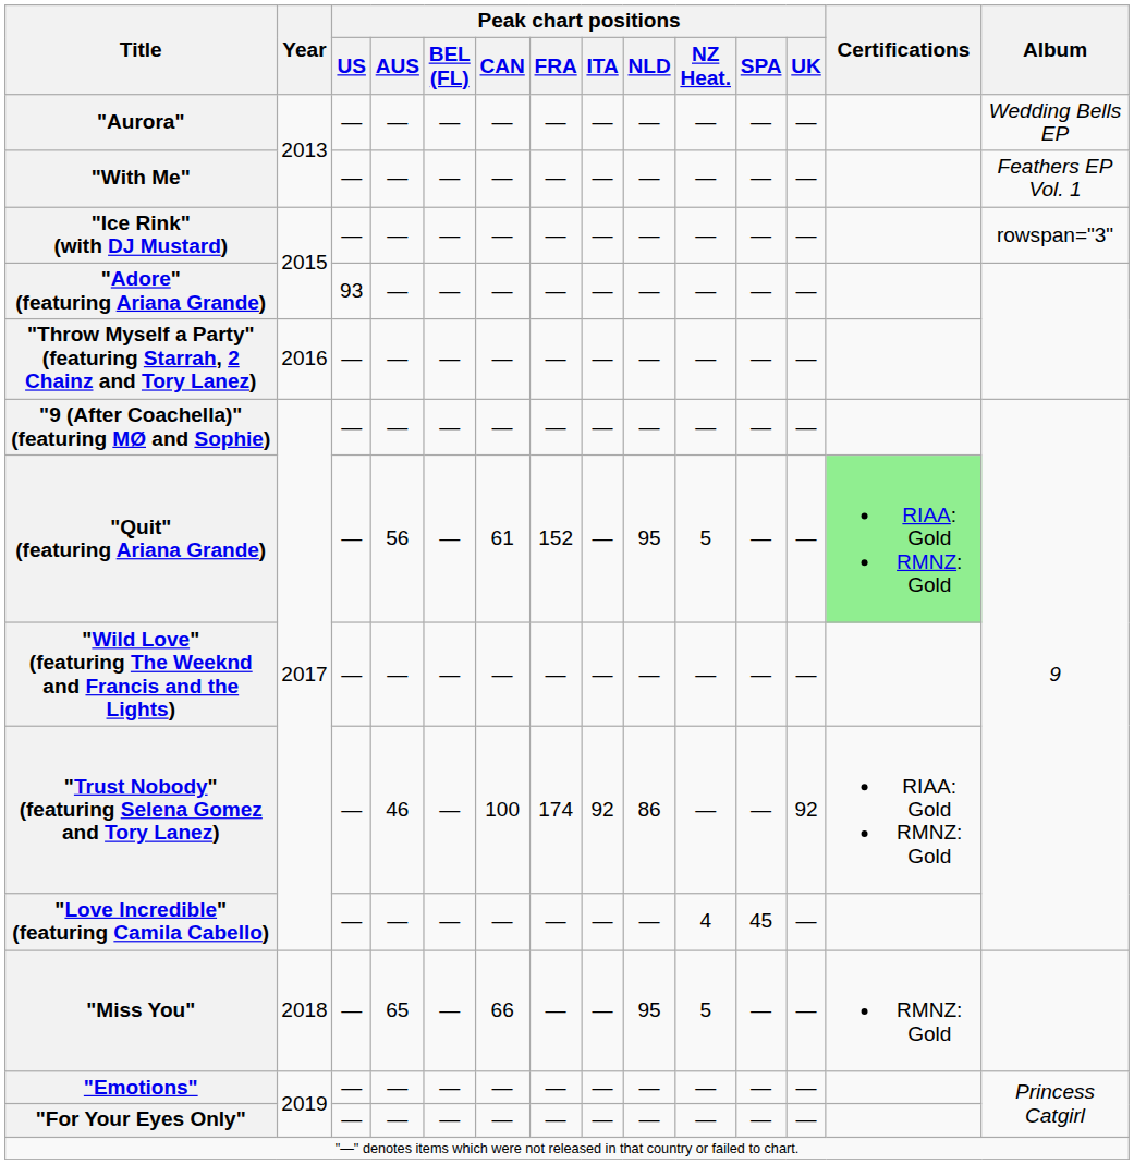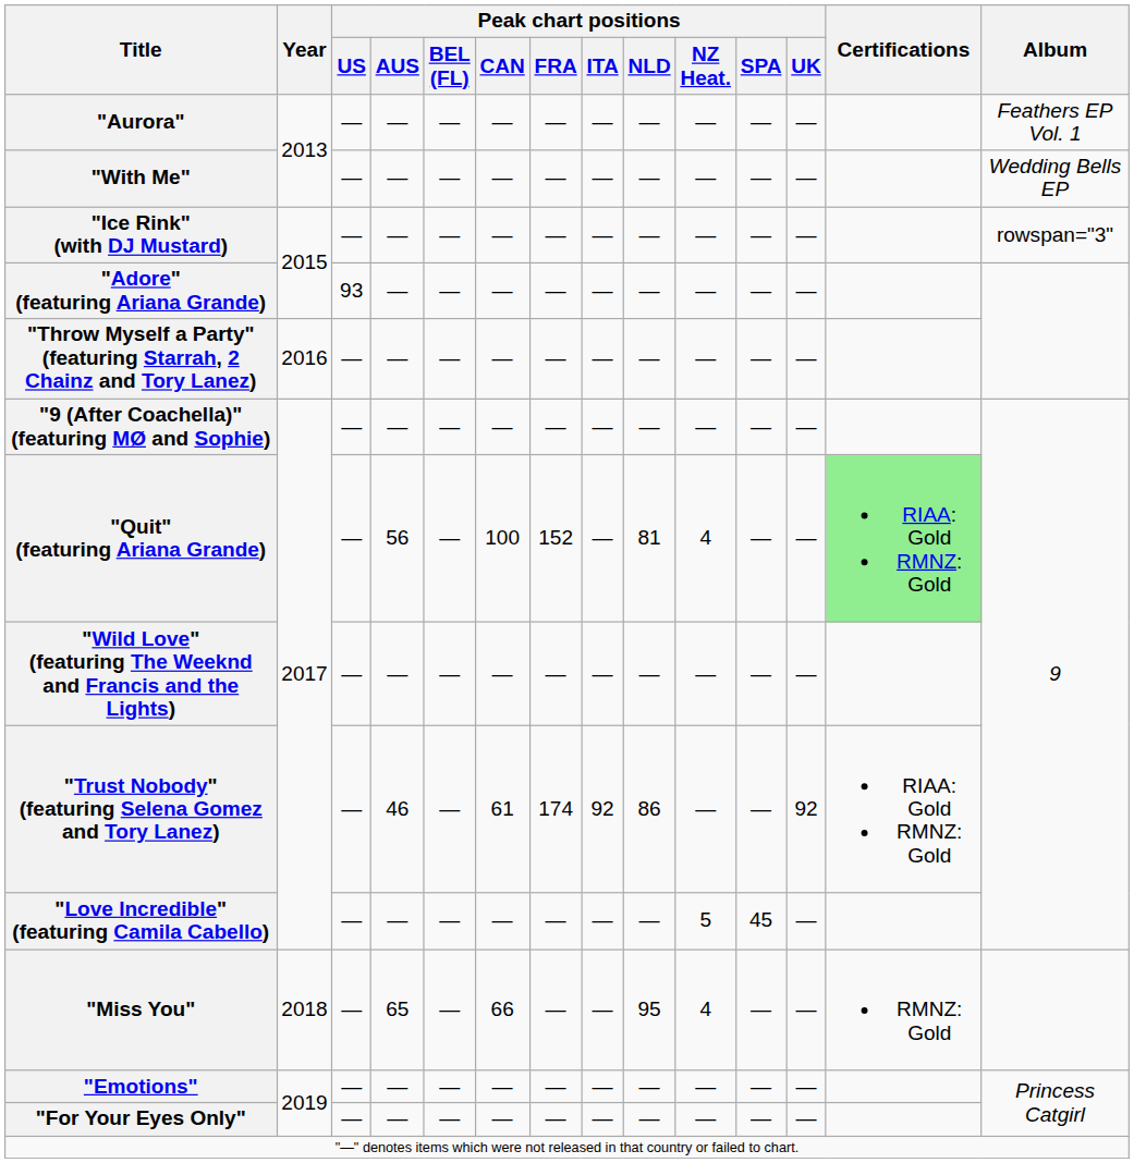 <table class="wikitable plainrowheaders" style="text-align:center;">
 <tr>
 <th rowspan="2" scope="col">Title</th>
 <th rowspan="2" scope="col">Year</th>
 <th colspan="10">Peak chart positions</th>
 <th rowspan="2">Certifications</th>
 <th rowspan="2">Album</th>
 </tr>
 <tr>
 <th><a href='#'>US</a><br></th>
 <th><a href='#'>AUS</a><br></th>
 <th><a href='#'>BEL<br>(FL)</a><br></th>
 <th><a href='#'>CAN</a><br></th>
 <th><a href='#'>FRA</a><br></th>
 <th><a href='#'>ITA</a></th>
 <th><a href='#'>NLD</a><br></th>
 <th><a href='#'>NZ<br>Heat.</a><br></th>
 <th><a href='#'>SPA</a></th>
 <th><a href='#'>UK</a></th>
 </tr>
 <tr>
 <th scope="row">"Aurora"</th>
 <td rowspan="2">2013</td>
 <td>—</td>
 <td>—</td>
 <td>—</td>
 <td>—</td>
 <td>—</td>
 <td>—</td>
 <td>—</td>
 <td>—</td>
 <td>—</td>
 <td>—</td>
 <td></td>
-<td><em>Wedding Bells EP</em></td>
+<td><em>Feathers EP Vol. 1</em></td>
 </tr>
 <tr>
 <th scope="row">"With Me"</th>
 <td>—</td>
 <td>—</td>
 <td>—</td>
 <td>—</td>
 <td>—</td>
 <td>—</td>
 <td>—</td>
 <td>—</td>
 <td>—</td>
 <td>—</td>
 <td></td>
-<td><em>Feathers EP Vol. 1</em></td>
+<td><em>Wedding Bells EP</em></td>
 </tr>
 <tr>
 <th scope="row">"Ice Rink" <br><span>(with <a href='#'>DJ Mustard</a>)</span></th>
 <td rowspan="2">2015</td>
 <td>—</td>
 <td>—</td>
 <td>—</td>
 <td>—</td>
 <td>—</td>
 <td>—</td>
 <td>—</td>
 <td>—</td>
 <td>—</td>
 <td>—</td>
 <td></td>
 <td>rowspan="3" </td>
 </tr>
 <tr>
 <th scope="row">"<a href='#'>Adore</a>"<br><span>(featuring <a href='#'>Ariana Grande</a>)</span></th>
 <td>93</td>
 <td>—</td>
 <td>—</td>
 <td>—</td>
 <td>—</td>
 <td>—</td>
 <td>—</td>
 <td>—</td>
 <td>—</td>
 <td>—</td>
 <td></td>
 </tr>
 <tr>
 <th scope="row">"Throw Myself a Party"<br><span>(featuring <a href='#'>Starrah</a>, <a href='#'>2 Chainz</a> and <a href='#'>Tory Lanez</a>)</span></th>
 <td>2016</td>
 <td>—</td>
 <td>—</td>
 <td>—</td>
 <td>—</td>
 <td>—</td>
 <td>—</td>
 <td>—</td>
 <td>—</td>
 <td>—</td>
 <td>—</td>
 <td></td>
 </tr>
 <tr>
 <th scope="row">"9 (After Coachella)" <br><span>(featuring <a href='#'>MØ</a> and <a href='#'>Sophie</a>)</span></th>
 <td rowspan="5">2017</td>
 <td>—</td>
 <td>—</td>
 <td>—</td>
 <td>—</td>
 <td>—</td>
 <td>—</td>
 <td>—</td>
 <td>—</td>
 <td>—</td>
 <td>—</td>
 <td></td>
 <td rowspan="5"><em>9</em></td>
 </tr>
 <tr>
 <th scope="row">"Quit"<br><span>(featuring <a href='#'>Ariana Grande</a>)</span></th>
 <td>—</td>
 <td>56</td>
 <td>—</td>
-<td>61</td>
+<td>100</td>
 <td>152</td>
 <td>—</td>
-<td>95</td>
-<td>5</td>
+<td>81</td>
+<td>4</td>
 <td>—</td>
 <td>—</td>
 <td style="background: lightgreen;"><br><ul><li><a href='#'>RIAA</a>: Gold</li><li><a href='#'>RMNZ</a>: Gold</li></ul></td>
 </tr>
 <tr>
 <th scope="row">"<a href='#'>Wild Love</a>" <br> <span>(featuring <a href='#'>The Weeknd</a> and <a href='#'>Francis and the Lights</a>)</span></th>
 <td>—</td>
 <td>—</td>
 <td>—</td>
 <td>—</td>
 <td>—</td>
 <td>—</td>
 <td>—</td>
 <td>—</td>
 <td>—</td>
 <td>—</td>
 <td></td>
 </tr>
 <tr>
 <th scope="row">"<a href='#'>Trust Nobody</a>" <br><span>(featuring <a href='#'>Selena Gomez</a> and <a href='#'>Tory Lanez</a>)</span></th>
 <td>—</td>
 <td>46</td>
 <td>—</td>
-<td>100</td>
+<td>61</td>
 <td>174</td>
 <td>92</td>
 <td>86</td>
 <td>—</td>
 <td>—</td>
 <td>92</td>
 <td><br><ul><li>RIAA: Gold</li><li>RMNZ: Gold</li></ul></td>
 </tr>
 <tr>
 <th scope="row">"<a href='#'>Love Incredible</a>"<br><span>(featuring <a href='#'>Camila Cabello</a>)</span></th>
 <td>—</td>
 <td>—</td>
 <td>—</td>
 <td>—</td>
 <td>—</td>
 <td>—</td>
 <td>—</td>
-<td>4</td>
+<td>5</td>
 <td>45</td>
 <td>—</td>
 <td></td>
 </tr>
 <tr>
 <th scope="row">"Miss You"<br><span></span></th>
 <td>2018</td>
 <td>—</td>
 <td>65</td>
 <td>—</td>
 <td>66</td>
 <td>—</td>
 <td>—</td>
 <td>95</td>
-<td>5</td>
+<td>4</td>
 <td>—</td>
 <td>—</td>
 <td><br><ul><li>RMNZ: Gold</li></ul></td>
 <td></td>
 </tr>
 <tr>
 <th scope="row"><a href='#'>"Emotions"</a></th>
 <td rowspan="2">2019</td>
 <td>—</td>
 <td>—</td>
 <td>—</td>
 <td>—</td>
 <td>—</td>
 <td>—</td>
 <td>—</td>
 <td>—</td>
 <td>—</td>
 <td>—</td>
 <td></td>
 <td rowspan="2"><em>Princess Catgirl</em></td>
 </tr>
 <tr>
 <th scope="row">"For Your Eyes Only"</th>
 <td>—</td>
 <td>—</td>
 <td>—</td>
 <td>—</td>
 <td>—</td>
 <td>—</td>
 <td>—</td>
 <td>—</td>
 <td>—</td>
 <td>—</td>
 <td></td>
 </tr>
 <tr>
 <td colspan="14" style="text-align:center; font-size:8pt;">"—" denotes items which were not released in that country or failed to chart.</td>
 </tr>
 </table>
